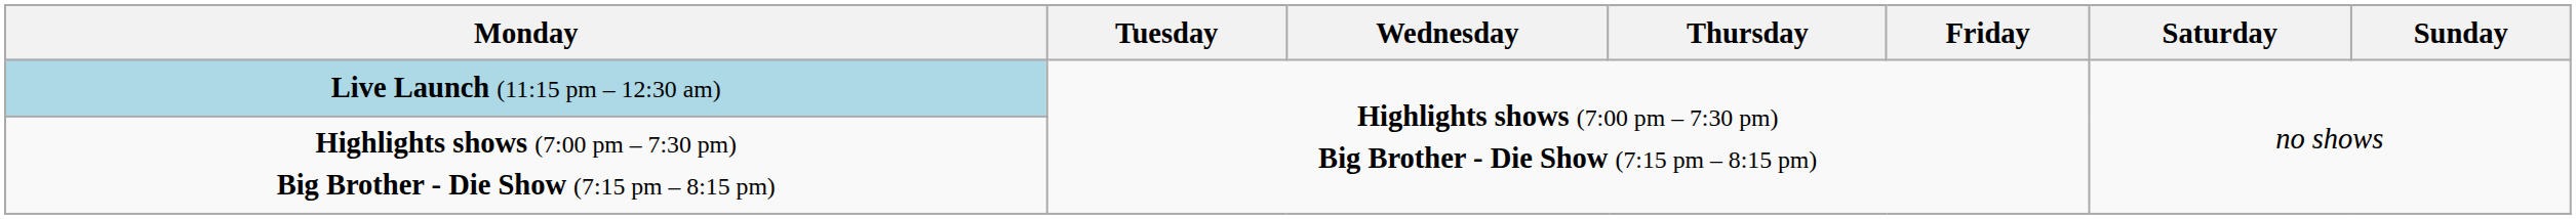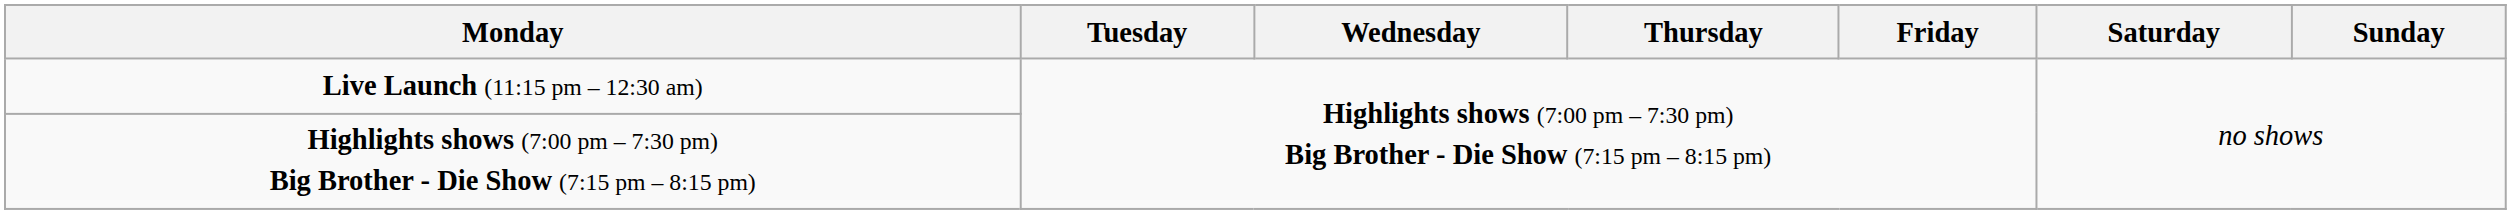 <table class="wikitable" style="text-align:center; font-size:90%; line-height:20px" width="100%">
 <tr>
 <th>Monday</th>
 <th>Tuesday</th>
 <th>Wednesday</th>
 <th>Thursday</th>
 <th>Friday</th>
 <th>Saturday</th>
 <th>Sunday</th>
 </tr>
 <tr>
-<td style="background: lightblue;"><strong>Live Launch</strong> <small>(11:15 pm – 12:30 am)</small></td>
+<td><strong>Live Launch</strong> <small>(11:15 pm – 12:30 am)</small></td>
 <td rowspan=2 colspan=4><strong>Highlights shows</strong> <small>(7:00 pm – 7:30 pm)</small><br><strong>Big Brother - Die Show</strong> <small>(7:15 pm – 8:15 pm)</small></td>
 <td rowspan=2 colspan=2><em>no shows</em></td>
 </tr>
 <tr>
 <td><strong>Highlights shows</strong> <small>(7:00 pm – 7:30 pm)</small><br><strong>Big Brother - Die Show</strong> <small>(7:15 pm – 8:15 pm)</small></td>
 </tr>
 </table>
